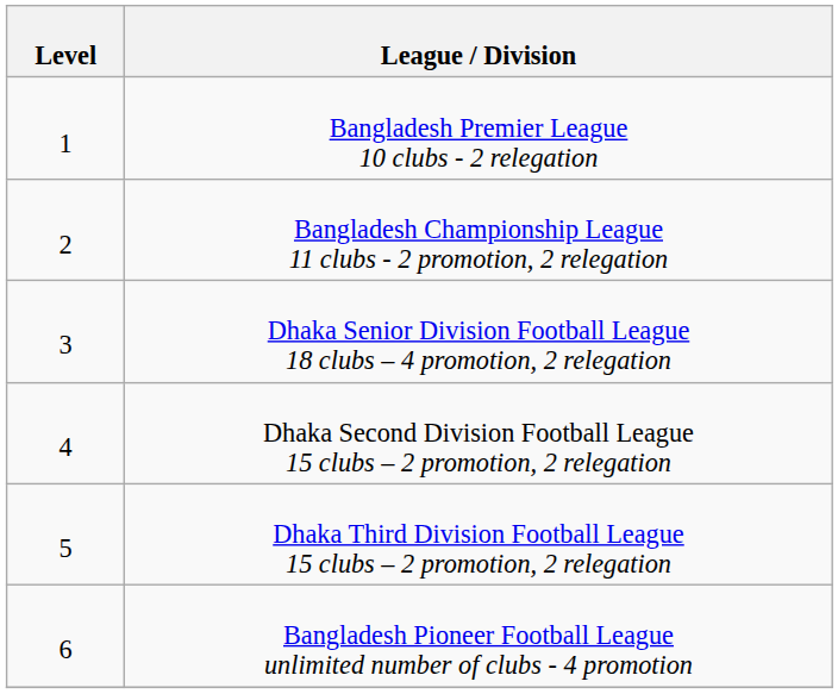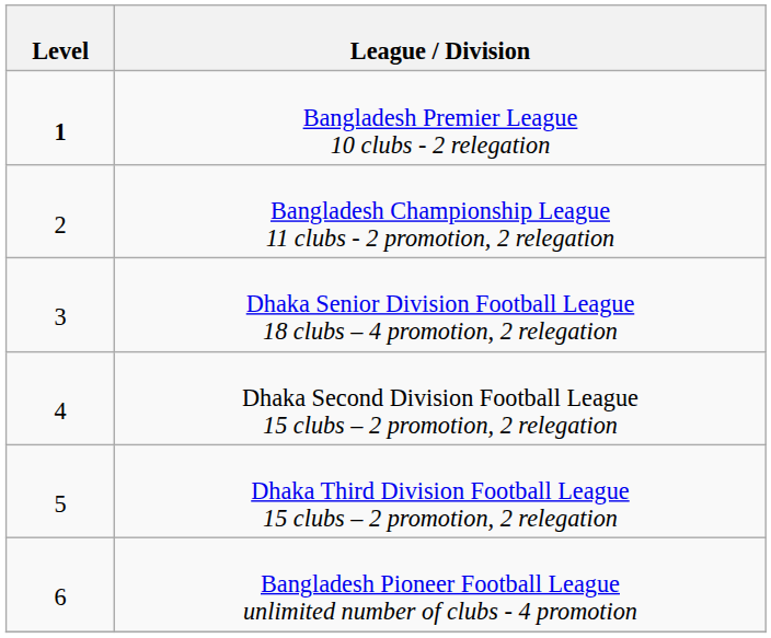 <table class="wikitable" style="text-align:center; margin:0.5em auto; width: 500px">
 <tr>
 <th><br>Level</th>
 <th><br>League / Division</th>
 </tr>
 <tr>
-<td><br>1</td>
+<td><strong><br>1</strong></td>
 <td><br><a href='#'>Bangladesh Premier League</a> <br> <em>10 clubs - 2 relegation</em></td>
 </tr>
 <tr>
 <td><br>2</td>
 <td><br><a href='#'>Bangladesh Championship League</a> <br><em>11 clubs - 2 promotion,  2 relegation</em></td>
 </tr>
 <tr>
 <td><br>3</td>
 <td><br><a href='#'>Dhaka Senior Division Football League</a> <br><em>18 clubs – 4 promotion, 2 relegation</em></td>
 </tr>
 <tr>
 <td><br>4</td>
 <td><br>Dhaka Second Division Football League <br><em>15 clubs – 2 promotion, 2 relegation</em></td>
 </tr>
 <tr>
 <td><br>5</td>
 <td><br><a href='#'>Dhaka Third Division Football League</a> <br><em>15 clubs – 2 promotion, 2 relegation</em></td>
 </tr>
 <tr>
 <td><br>6</td>
 <td><br><a href='#'>Bangladesh Pioneer Football League</a> <br><em>unlimited number of clubs - 4 promotion</em></td>
 </tr>
 <tr>
 </tr>
 </table>
